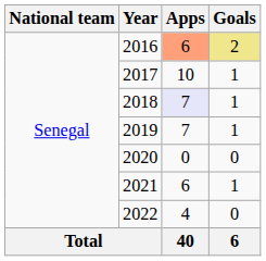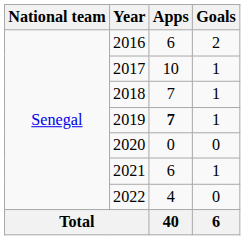 <table class="wikitable" style="text-align:center">
 <tr>
 <th>National team</th>
 <th>Year</th>
 <th>Apps</th>
 <th>Goals</th>
 </tr>
 <tr>
 <td rowspan="7"><a href='#'>Senegal</a></td>
 <td>2016</td>
-<td style="background: lightsalmon;">6</td>
-<td style="background: khaki;">2</td>
+<td>6</td>
+<td>2</td>
 </tr>
 <tr>
 <td>2017</td>
 <td>10</td>
 <td>1</td>
 </tr>
 <tr>
 <td>2018</td>
-<td style="background: lavender;">7</td>
+<td>7</td>
 <td>1</td>
 </tr>
 <tr>
 <td>2019</td>
-<td>7</td>
+<td><strong>7</strong></td>
 <td>1</td>
 </tr>
 <tr>
 <td>2020</td>
 <td>0</td>
 <td>0</td>
 </tr>
 <tr>
 <td>2021</td>
 <td>6</td>
 <td>1</td>
 </tr>
 <tr>
 <td>2022</td>
 <td>4</td>
 <td>0</td>
 </tr>
 <tr>
 <th colspan="2">Total</th>
 <th>40</th>
 <th>6</th>
 </tr>
 </table>
